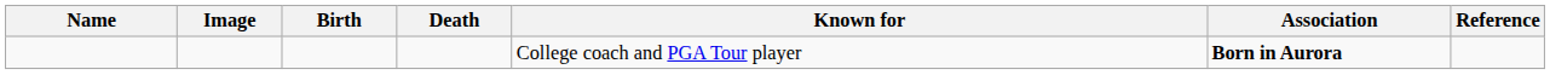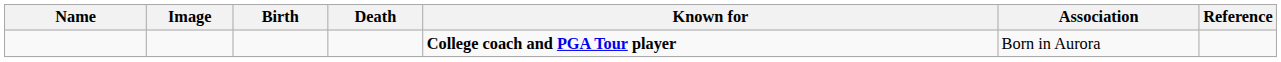 <table class="wikitable sortable">
 <tr>
 <th scope="col" width="140">Name</th>
 <th scope="col" width="80" class="unsortable">Image</th>
 <th scope="col" width="90">Birth</th>
 <th scope="col" width="90">Death</th>
 <th scope="col" width="600" class="unsortable">Known for</th>
 <th scope="col" width="200" class="unsortable">Association</th>
 <th scope="col" width="30" class="unsortable">Reference</th>
 </tr>
 <tr>
 <td></td>
 <td></td>
 <td align=right></td>
 <td align=right></td>
-<td>College coach and <a href='#'>PGA Tour</a> player</td>
-<td><strong>Born in Aurora</strong></td>
+<td><strong>College coach and <a href='#'>PGA Tour</a> player</strong></td>
+<td>Born in Aurora</td>
 <td align="center"></td>
 </tr>
 <tr>
 </tr>
 </table>
